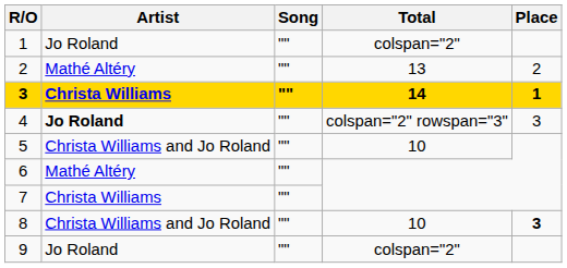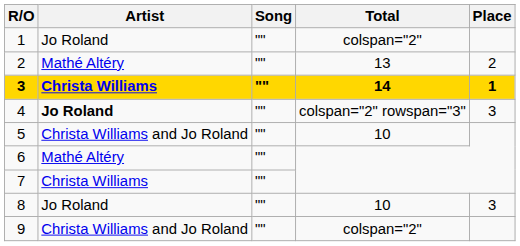 <table class="sortable wikitable" style="margin: 1em auto 1em auto; text-align:center">
 <tr>
 <th>R/O</th>
 <th>Artist</th>
 <th>Song</th>
 <th>Total</th>
 <th>Place</th>
 </tr>
 <tr>
 <td>1</td>
 <td align="left">Jo Roland</td>
 <td align="left">""</td>
 <td>colspan="2" </td>
 </tr>
 <tr>
 <td>2</td>
 <td align="left"><a href='#'>Mathé Altéry</a></td>
 <td align="left">""</td>
 <td>13</td>
 <td>2</td>
 </tr>
 <tr style="font-weight:bold; background:gold;">
 <td>3</td>
 <td align="left"><a href='#'>Christa Williams</a></td>
 <td align="left">""</td>
 <td>14</td>
 <td>1</td>
 </tr>
 <tr>
 <td>4</td>
 <td align="left"><strong>Jo Roland</strong></td>
 <td align="left">""</td>
 <td>colspan="2" rowspan="3" </td>
 <td>3</td>
 </tr>
 <tr>
 <td>5</td>
 <td align="left"><a href='#'>Christa Williams</a> and Jo Roland</td>
 <td align="left">""</td>
 <td>10</td>
 </tr>
 <tr>
 <td>6</td>
 <td align="left"><a href='#'>Mathé Altéry</a></td>
 <td align="left">""</td>
 </tr>
 <tr>
 <td>7</td>
 <td align="left"><a href='#'>Christa Williams</a></td>
 <td align="left">""</td>
 </tr>
 <tr>
 <td>8</td>
-<td align="left"><a href='#'>Christa Williams</a> and Jo Roland</td>
+<td align="left">Jo Roland</td>
 <td align="left">""</td>
 <td>10</td>
-<td><strong>3</strong></td>
+<td>3</td>
 </tr>
 <tr>
 <td>9</td>
-<td align="left">Jo Roland</td>
+<td align="left"><a href='#'>Christa Williams</a> and Jo Roland</td>
 <td align="left">""</td>
 <td>colspan="2" </td>
 </tr>
 </table>
